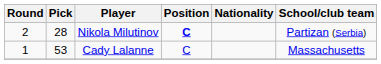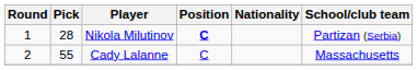 <table class="wikitable sortable sortable">
 <tr>
 <th>Round</th>
 <th>Pick</th>
 <th>Player</th>
 <th>Position</th>
 <th>Nationality</th>
 <th>School/club team</th>
 </tr>
 <tr style="text-align: center">
-<td>2</td>
+<td>1</td>
 <td>28</td>
 <td><a href='#'>Nikola Milutinov</a></td>
 <td><strong><a href='#'>C</a></strong></td>
 <td></td>
 <td><a href='#'>Partizan</a> <small>(<a href='#'>Serbia</a>)</small></td>
 </tr>
 <tr style="text-align: center">
-<td>1</td>
-<td>53</td>
+<td>2</td>
+<td>55</td>
 <td><a href='#'>Cady Lalanne</a></td>
 <td><a href='#'>C</a></td>
 <td></td>
 <td><a href='#'>Massachusetts</a></td>
 </tr>
 <tr style="text-align: center">
 </tr>
 </table>
